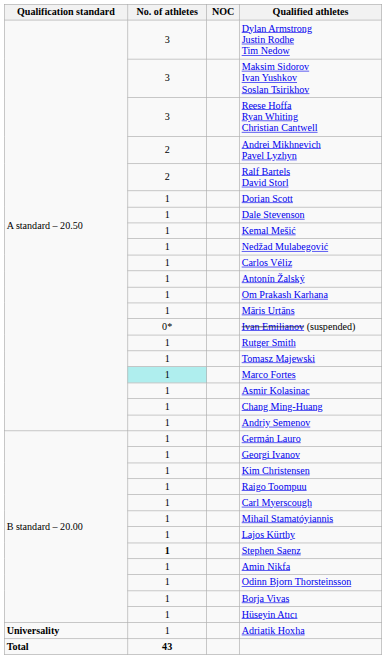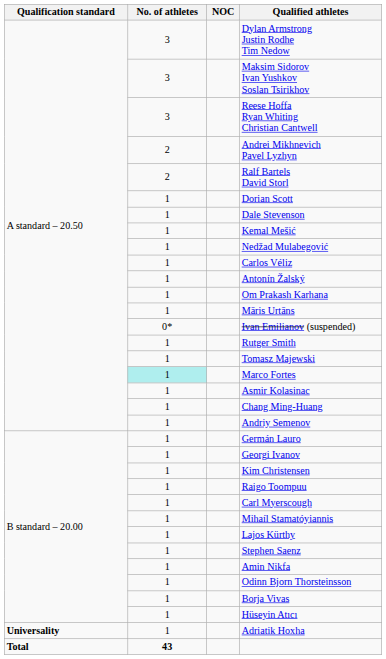 <table class="wikitable"  style="text-align:left; width:600px;">
 <tr>
 <th>Qualification standard</th>
 <th>No. of athletes</th>
 <th>NOC</th>
 <th>Qualified athletes</th>
 </tr>
 <tr>
 <td rowspan="20">A standard – 20.50</td>
 <td align=center>3</td>
 <td></td>
 <td><a href='#'>Dylan Armstrong</a><br><a href='#'>Justin Rodhe</a><br><a href='#'>Tim Nedow</a></td>
 </tr>
 <tr>
 <td align=center>3</td>
 <td></td>
 <td><a href='#'>Maksim Sidorov</a><br><a href='#'>Ivan Yushkov</a><br><a href='#'>Soslan Tsirikhov</a></td>
 </tr>
 <tr>
 <td align=center>3</td>
 <td></td>
 <td><a href='#'>Reese Hoffa</a><br><a href='#'>Ryan Whiting</a><br><a href='#'>Christian Cantwell</a></td>
 </tr>
 <tr>
 <td align=center>2</td>
 <td></td>
 <td><a href='#'>Andrei Mikhnevich</a><br><a href='#'>Pavel Lyzhyn</a></td>
 </tr>
 <tr>
 <td align=center>2</td>
 <td></td>
 <td><a href='#'>Ralf Bartels</a><br><a href='#'>David Storl</a></td>
 </tr>
 <tr>
 <td align=center>1</td>
 <td></td>
 <td><a href='#'>Dorian Scott</a></td>
 </tr>
 <tr>
 <td align=center>1</td>
 <td></td>
 <td><a href='#'>Dale Stevenson</a></td>
 </tr>
 <tr>
 <td align=center>1</td>
 <td></td>
 <td><a href='#'>Kemal Mešić</a></td>
 </tr>
 <tr>
 <td align=center>1</td>
 <td></td>
 <td><a href='#'>Nedžad Mulabegović</a></td>
 </tr>
 <tr>
 <td align=center>1</td>
 <td></td>
 <td><a href='#'>Carlos Véliz</a></td>
 </tr>
 <tr>
 <td align=center>1</td>
 <td></td>
 <td><a href='#'>Antonín Žalský</a></td>
 </tr>
 <tr>
 <td align=center>1</td>
 <td></td>
 <td><a href='#'>Om Prakash Karhana</a></td>
 </tr>
 <tr>
 <td align=center>1</td>
 <td></td>
 <td><a href='#'>Māris Urtāns</a></td>
 </tr>
 <tr>
 <td align=center>0*</td>
 <td></td>
 <td><s><a href='#'>Ivan Emilianov</a></s> (suspended)</td>
 </tr>
 <tr>
 <td align=center>1</td>
 <td></td>
 <td><a href='#'>Rutger Smith</a></td>
 </tr>
 <tr>
 <td align=center>1</td>
 <td></td>
 <td><a href='#'>Tomasz Majewski</a></td>
 </tr>
 <tr>
 <td align=center style="background: paleturquoise;">1</td>
 <td></td>
 <td><a href='#'>Marco Fortes</a></td>
 </tr>
 <tr>
 <td align=center>1</td>
 <td></td>
 <td><a href='#'>Asmir Kolasinac</a></td>
 </tr>
 <tr>
 <td align=center>1</td>
 <td></td>
 <td><a href='#'>Chang Ming-Huang</a></td>
 </tr>
 <tr>
 <td align=center>1</td>
 <td></td>
 <td><a href='#'>Andriy Semenov</a></td>
 </tr>
 <tr>
 <td rowspan="12">B standard – 20.00</td>
 <td align=center>1</td>
 <td></td>
 <td><a href='#'>Germán Lauro</a></td>
 </tr>
 <tr>
 <td align=center>1</td>
 <td></td>
 <td><a href='#'>Georgi Ivanov</a></td>
 </tr>
 <tr>
 <td align=center>1</td>
 <td></td>
 <td><a href='#'>Kim Christensen</a></td>
 </tr>
 <tr>
 <td align=center>1</td>
 <td></td>
 <td><a href='#'>Raigo Toompuu</a></td>
 </tr>
 <tr>
 <td align=center>1</td>
 <td></td>
 <td><a href='#'>Carl Myerscough</a></td>
 </tr>
 <tr>
 <td align=center>1</td>
 <td></td>
 <td><a href='#'>Mihaíl Stamatóyiannis</a></td>
 </tr>
 <tr>
 <td align=center>1</td>
 <td></td>
 <td><a href='#'>Lajos Kürthy</a></td>
 </tr>
 <tr>
-<td align=center><strong>1</strong></td>
+<td align=center>1</td>
 <td></td>
 <td><a href='#'>Stephen Saenz</a></td>
 </tr>
 <tr>
 <td align=center>1</td>
 <td></td>
 <td><a href='#'>Amin Nikfa</a></td>
 </tr>
 <tr>
 <td align=center>1</td>
 <td></td>
 <td><a href='#'>Odinn Bjorn Thorsteinsson</a></td>
 </tr>
 <tr>
 <td align=center>1</td>
 <td></td>
 <td><a href='#'>Borja Vivas</a></td>
 </tr>
 <tr>
 <td align=center>1</td>
 <td></td>
 <td><a href='#'>Hüseyin Atıcı</a></td>
 </tr>
 <tr>
 <td><strong>Universality</strong></td>
 <td align=center>1</td>
 <td></td>
 <td><a href='#'>Adriatik Hoxha</a></td>
 </tr>
 <tr>
 <td><strong>Total</strong></td>
 <td align=center><strong>43</strong></td>
 <td></td>
 <td></td>
 </tr>
 </table>
